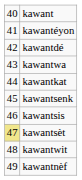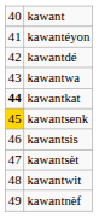 <table class="wikitable" style="float:left; margin-right:0.5em">
 <tr>
 <td>40</td>
 <td>kawant</td>
 </tr>
 <tr>
 <td>41</td>
 <td>kawantéyon</td>
 </tr>
 <tr>
 <td>42</td>
 <td>kawantdé</td>
 </tr>
 <tr>
 <td>43</td>
 <td>kawantwa</td>
 </tr>
 <tr>
-<td>44</td>
+<td><strong>44</strong></td>
 <td>kawantkat</td>
 </tr>
 <tr>
-<td>45</td>
+<td style="background: gold;">45</td>
 <td>kawantsenk</td>
 </tr>
 <tr>
 <td>46</td>
 <td>kawantsis</td>
 </tr>
 <tr>
-<td style="background: khaki;">47</td>
+<td>47</td>
 <td>kawantsèt</td>
 </tr>
 <tr>
 <td>48</td>
 <td>kawantwit</td>
 </tr>
 <tr>
 <td>49</td>
 <td>kawantnèf</td>
 </tr>
 </table>
